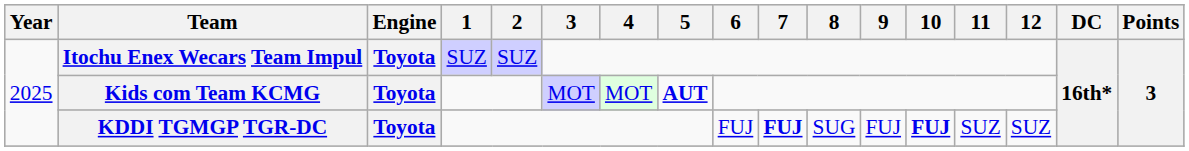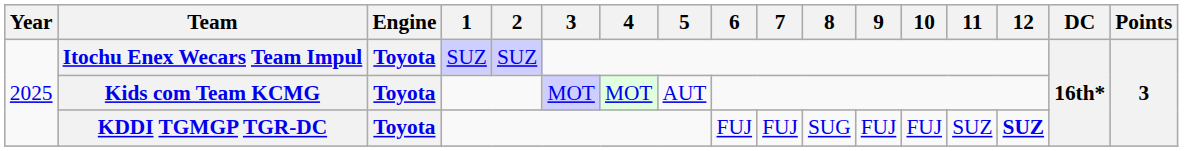 <table class="wikitable" style="text-align:center; font-size:85%">
 <tr>
 <th>Year</th>
 <th>Team</th>
 <th>Engine</th>
 <th>1</th>
 <th>2</th>
 <th>3</th>
 <th>4</th>
 <th>5</th>
 <th>6</th>
 <th>7</th>
 <th>8</th>
 <th>9</th>
 <th>10</th>
 <th>11</th>
 <th>12</th>
 <th>DC</th>
 <th>Points</th>
 </tr>
 <tr>
 <td rowspan="3"><a href='#'>2025</a></td>
 <th nowrap><a href='#'>Itochu Enex Wecars</a> <a href='#'>Team Impul</a></th>
 <th><a href='#'>Toyota</a></th>
 <td style="background:#CFCFFF;"><a href='#'>SUZ</a><br></td>
 <td style="background:#CFCFFF;"><a href='#'>SUZ</a><br></td>
 <td colspan="10"></td>
 <th rowspan="3">16th*</th>
 <th rowspan="3">3</th>
 </tr>
 <tr>
 <th nowrap><a href='#'>Kids com Team KCMG</a></th>
 <th><a href='#'>Toyota</a></th>
 <td colspan="2"></td>
 <td style="background:#CFCFFF;"><a href='#'>MOT</a><br></td>
 <td style="background:#DFFFDF;"><a href='#'>MOT</a><br></td>
-<td style="background:#;"><strong><a href='#'>AUT</a><br></strong></td>
+<td style="background:#;"><a href='#'>AUT</a><br></td>
 <td colspan="7"></td>
 </tr>
 <tr>
 <th nowrap><a href='#'>KDDI</a> <a href='#'>TGMGP</a> <a href='#'>TGR-DC</a></th>
 <th><a href='#'>Toyota</a></th>
 <td colspan="5"></td>
 <td style="background:#;"><a href='#'>FUJ</a><br></td>
-<td style="background:#;"><strong><a href='#'>FUJ</a><br></strong></td>
+<td style="background:#;"><a href='#'>FUJ</a><br></td>
 <td style="background:#;"><a href='#'>SUG</a><br></td>
 <td style="background:#;"><a href='#'>FUJ</a><br></td>
-<td style="background:#;"><strong><a href='#'>FUJ</a><br></strong></td>
+<td style="background:#;"><a href='#'>FUJ</a><br></td>
 <td style="background:#;"><a href='#'>SUZ</a><br></td>
-<td style="background:#;"><a href='#'>SUZ</a><br></td>
+<td style="background:#;"><strong><a href='#'>SUZ</a><br></strong></td>
 </tr>
 </table>
